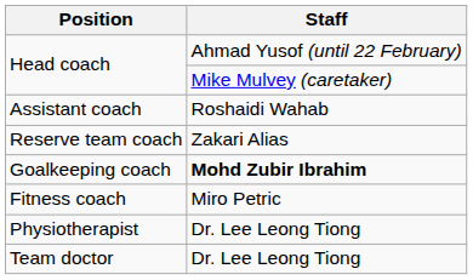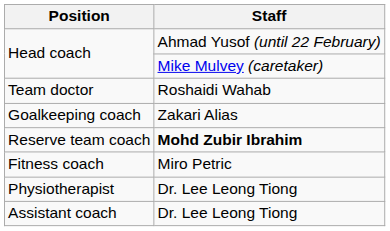 <table class="wikitable">
 <tr>
 <th>Position</th>
 <th>Staff</th>
 </tr>
 <tr>
 <td rowspan="2">Head coach</td>
 <td> Ahmad Yusof <em>(until 22 February)</em></td>
 </tr>
 <tr>
 <td> <a href='#'>Mike Mulvey</a> <em>(caretaker)</em></td>
 </tr>
 <tr>
-<td>Assistant coach</td>
+<td>Team doctor</td>
 <td> Roshaidi Wahab</td>
 </tr>
 <tr>
-<td>Reserve team coach</td>
+<td>Goalkeeping coach</td>
 <td> Zakari Alias</td>
 </tr>
 <tr>
-<td>Goalkeeping coach</td>
+<td>Reserve team coach</td>
 <td><strong> Mohd Zubir Ibrahim</strong></td>
 </tr>
 <tr>
 <td>Fitness coach</td>
 <td> Miro Petric</td>
 </tr>
 <tr>
 <td>Physiotherapist</td>
 <td> Dr. Lee Leong Tiong</td>
 </tr>
 <tr>
-<td>Team doctor</td>
+<td>Assistant coach</td>
 <td> Dr. Lee Leong Tiong</td>
 </tr>
 </table>
